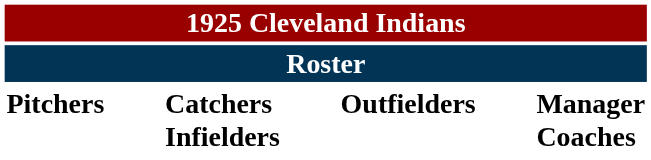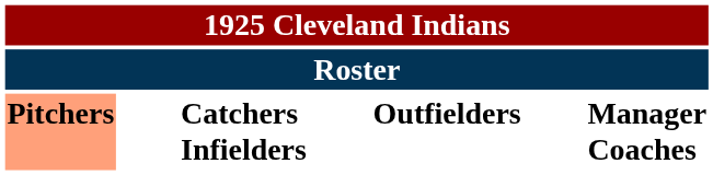 <table class="toccolours" style="font-size: 95%;">
 <tr>
 <th colspan="10" style="background-color: #990000; color: white; text-align: center;">1925 Cleveland Indians</th>
 </tr>
 <tr>
 <td colspan="10" style="background-color: #023456; color: white; text-align: center;"><strong>Roster</strong></td>
 </tr>
 <tr>
-<td valign="top"><strong>Pitchers</strong><br>            </td>
+<td valign="top" style="background: lightsalmon;"><strong>Pitchers</strong><br>            </td>
 <td width="25px"></td>
 <td valign="top"><strong>Catchers</strong><br>    <strong>Infielders</strong>            </td>
 <td width="25px"></td>
 <td valign="top"><strong>Outfielders</strong><br>      </td>
 <td width="25px"></td>
 <td valign="top"><strong>Manager</strong><br> <strong>Coaches</strong>   </td>
 </tr>
 <tr>
 </tr>
 </table>
